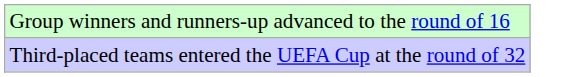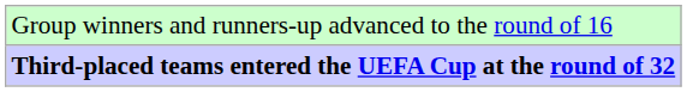 <table class="wikitable">
 <tr bgcolor="#ccffcc">
 <td>Group winners and runners-up advanced to the <a href='#'>round of 16</a></td>
 </tr>
 <tr bgcolor="#ccccff">
-<td>Third-placed teams entered the <a href='#'>UEFA Cup</a> at the <a href='#'>round of 32</a></td>
+<td><strong>Third-placed teams entered the <a href='#'>UEFA Cup</a> at the <a href='#'>round of 32</a></strong></td>
 </tr>
 </table>
